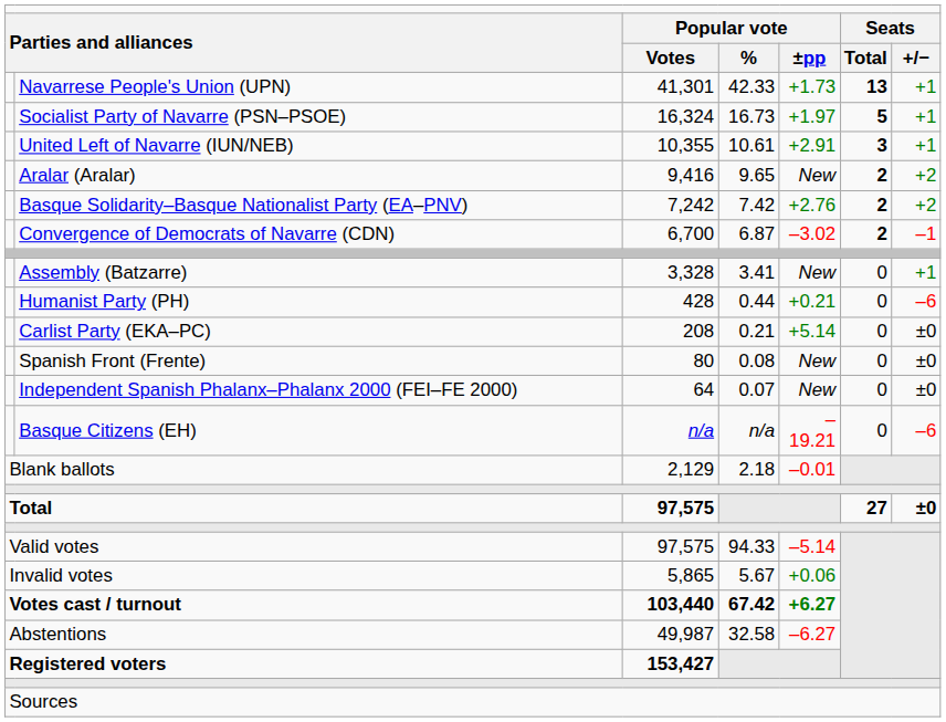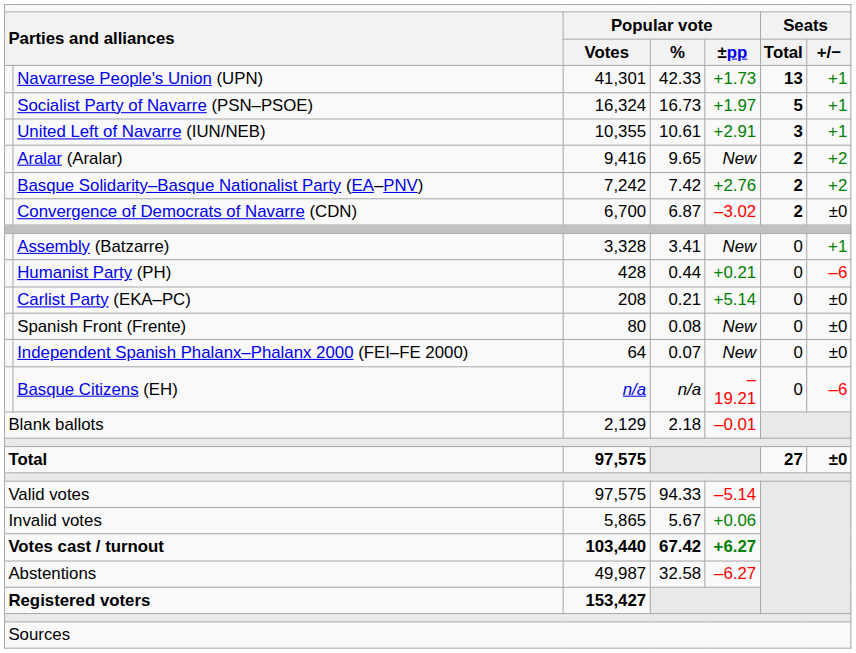 <table class="wikitable" style="text-align:right;">
 <tr>
 <td colspan="7"></td>
 </tr>
 <tr>
 <th style="text-align:left;" rowspan="2" colspan="2" width="525">Parties and alliances</th>
 <th colspan="3">Popular vote</th>
 <th colspan="2">Seats</th>
 </tr>
 <tr>
 <th width="75">Votes</th>
 <th width="45">%</th>
 <th width="45">±<a href='#'>pp</a></th>
 <th width="35">Total</th>
 <th width="35">+/−</th>
 </tr>
 <tr>
 <td width="1" style="color:inherit;background:"></td>
 <td align="left"><a href='#'>Navarrese People's Union</a> (UPN)</td>
 <td>41,301</td>
 <td>42.33</td>
 <td style="color:green;">+1.73</td>
 <td><strong>13</strong></td>
 <td style="color:green;">+1</td>
 </tr>
 <tr>
 <td style="color:inherit;background:"></td>
 <td align="left"><a href='#'>Socialist Party of Navarre</a> (PSN–PSOE)</td>
 <td>16,324</td>
 <td>16.73</td>
 <td style="color:green;">+1.97</td>
 <td><strong>5</strong></td>
 <td style="color:green;">+1</td>
 </tr>
 <tr>
 <td style="color:inherit;background:"></td>
 <td align="left"><a href='#'>United Left of Navarre</a> (IUN/NEB)</td>
 <td>10,355</td>
 <td>10.61</td>
 <td style="color:green;">+2.91</td>
 <td><strong>3</strong></td>
 <td style="color:green;">+1</td>
 </tr>
 <tr>
 <td style="color:inherit;background:"></td>
 <td align="left"><a href='#'>Aralar</a> (Aralar)</td>
 <td>9,416</td>
 <td>9.65</td>
 <td><em>New</em></td>
 <td><strong>2</strong></td>
 <td style="color:green;">+2</td>
 </tr>
 <tr>
 <td style="color:inherit;background:"></td>
 <td align="left"><a href='#'>Basque Solidarity–Basque Nationalist Party</a> (<a href='#'>EA</a>–<a href='#'>PNV</a>)</td>
 <td>7,242</td>
 <td>7.42</td>
 <td style="color:green;">+2.76</td>
 <td><strong>2</strong></td>
 <td style="color:green;">+2</td>
 </tr>
 <tr>
 <td style="color:inherit;background:"></td>
 <td align="left"><a href='#'>Convergence of Democrats of Navarre</a> (CDN)</td>
 <td>6,700</td>
 <td>6.87</td>
 <td style="color:red;">–3.02</td>
 <td><strong>2</strong></td>
-<td style="color:red;">–1</td>
+<td>±0</td>
 </tr>
 <tr>
 <td colspan="7" bgcolor="#C0C0C0"></td>
 </tr>
 <tr>
 <td style="color:inherit;background:"></td>
 <td align="left"><a href='#'>Assembly</a> (Batzarre)</td>
 <td>3,328</td>
 <td>3.41</td>
 <td><em>New</em></td>
 <td>0</td>
 <td style="color:green;">+1</td>
 </tr>
 <tr>
 <td style="color:inherit;background:"></td>
 <td align="left"><a href='#'>Humanist Party</a> (PH)</td>
 <td>428</td>
 <td>0.44</td>
 <td style="color:green;">+0.21</td>
 <td>0</td>
 <td style="color:red;">–6</td>
 </tr>
 <tr>
 <td style="color:inherit;background:"></td>
 <td align="left"><a href='#'>Carlist Party</a> (EKA–PC)</td>
 <td>208</td>
 <td>0.21</td>
 <td style="color:green;">+5.14</td>
 <td>0</td>
 <td>±0</td>
 </tr>
 <tr>
 <td style="color:inherit;background:"></td>
 <td align="left">Spanish Front (Frente)</td>
 <td>80</td>
 <td>0.08</td>
 <td><em>New</em></td>
 <td>0</td>
 <td>±0</td>
 </tr>
 <tr>
 <td style="color:inherit;background:"></td>
 <td align="left"><a href='#'>Independent Spanish Phalanx–Phalanx 2000</a> (FEI–FE 2000)</td>
 <td>64</td>
 <td>0.07</td>
 <td><em>New</em></td>
 <td>0</td>
 <td>±0</td>
 </tr>
 <tr>
 <td style="color:inherit;background:"></td>
 <td align="left"><a href='#'>Basque Citizens</a> (EH)</td>
 <td><em><a href='#'>n/a</a></em></td>
 <td><em>n/a</em></td>
 <td style="color:red;">–19.21</td>
 <td>0</td>
 <td style="color:red;">–6</td>
 </tr>
 <tr>
 <td align="left" colspan="2">Blank ballots</td>
 <td>2,129</td>
 <td>2.18</td>
 <td style="color:red;">–0.01</td>
 <td bgcolor="#E9E9E9" colspan="2"></td>
 </tr>
 <tr>
 <td colspan="7" bgcolor="#E9E9E9"></td>
 </tr>
 <tr style="font-weight:bold;">
 <td align="left" colspan="2">Total</td>
 <td>97,575</td>
 <td bgcolor="#E9E9E9" colspan="2"></td>
 <td>27</td>
 <td>±0</td>
 </tr>
 <tr>
 <td colspan="7" bgcolor="#E9E9E9"></td>
 </tr>
 <tr>
 <td align="left" colspan="2">Valid votes</td>
 <td>97,575</td>
 <td>94.33</td>
 <td style="color:red;">–5.14</td>
 <td bgcolor="#E9E9E9" colspan="2" rowspan="5"></td>
 </tr>
 <tr>
 <td align="left" colspan="2">Invalid votes</td>
 <td>5,865</td>
 <td>5.67</td>
 <td style="color:green;">+0.06</td>
 </tr>
 <tr style="font-weight:bold;">
 <td align="left" colspan="2">Votes cast / turnout</td>
 <td>103,440</td>
 <td>67.42</td>
 <td style="color:green;">+6.27</td>
 </tr>
 <tr>
 <td align="left" colspan="2">Abstentions</td>
 <td>49,987</td>
 <td>32.58</td>
 <td style="color:red;">–6.27</td>
 </tr>
 <tr style="font-weight:bold;">
 <td align="left" colspan="2">Registered voters</td>
 <td>153,427</td>
 <td bgcolor="#E9E9E9" colspan="2"></td>
 </tr>
 <tr>
 <td colspan="7" bgcolor="#E9E9E9"></td>
 </tr>
 <tr>
 <td align="left" colspan="7">Sources</td>
 </tr>
 </table>
